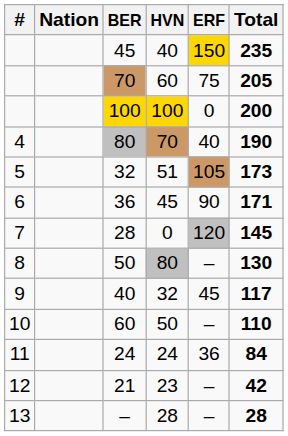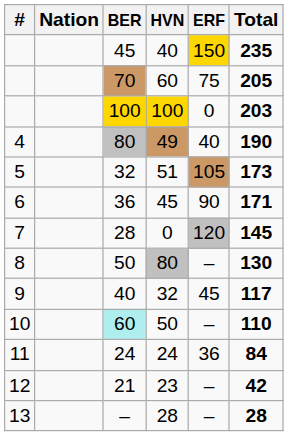 <table class="wikitable sortable" style="text-align:center;">
 <tr>
 <th>#</th>
 <th>Nation</th>
 <th><small>BER</small></th>
 <th><small>HVN</small></th>
 <th><small>ERF</small></th>
 <th>Total</th>
 </tr>
 <tr>
 <td></td>
 <td align=left></td>
 <td>45</td>
 <td>40</td>
 <td bgcolor="gold">150</td>
 <td><strong>235</strong></td>
 </tr>
 <tr>
 <td></td>
 <td align=left></td>
 <td bgcolor=CC9966>70</td>
 <td>60</td>
 <td>75</td>
 <td><strong>205</strong></td>
 </tr>
 <tr>
 <td></td>
 <td align=left></td>
 <td bgcolor="gold">100</td>
 <td bgcolor="gold">100</td>
 <td>0</td>
-<td><strong>200</strong></td>
+<td><strong>203</strong></td>
 </tr>
 <tr>
 <td>4</td>
 <td align=left></td>
 <td bgcolor="silver">80</td>
-<td bgcolor=CC9966>70</td>
+<td bgcolor=CC9966>49</td>
 <td>40</td>
 <td><strong>190</strong></td>
 </tr>
 <tr>
 <td>5</td>
 <td align=left></td>
 <td>32</td>
 <td>51</td>
 <td bgcolor=CC9966>105</td>
 <td><strong>173</strong></td>
 </tr>
 <tr>
 <td>6</td>
 <td align=left></td>
 <td>36</td>
 <td>45</td>
 <td>90</td>
 <td><strong>171</strong></td>
 </tr>
 <tr>
 <td>7</td>
 <td align=left></td>
 <td>28</td>
 <td>0</td>
 <td bgcolor="silver">120</td>
 <td><strong>145</strong></td>
 </tr>
 <tr>
 <td>8</td>
 <td align=left></td>
 <td>50</td>
 <td bgcolor="silver">80</td>
 <td>–</td>
 <td><strong>130</strong></td>
 </tr>
 <tr>
 <td>9</td>
 <td align=left></td>
 <td>40</td>
 <td>32</td>
 <td>45</td>
 <td><strong>117</strong></td>
 </tr>
 <tr>
 <td>10</td>
 <td align=left></td>
-<td>60</td>
+<td style="background: paleturquoise;">60</td>
 <td>50</td>
 <td>–</td>
 <td><strong>110</strong></td>
 </tr>
 <tr>
 <td>11</td>
 <td align=left></td>
 <td>24</td>
 <td>24</td>
 <td>36</td>
 <td><strong>84</strong></td>
 </tr>
 <tr>
 <td>12</td>
 <td align=left></td>
 <td>21</td>
 <td>23</td>
 <td>–</td>
 <td><strong>42</strong></td>
 </tr>
 <tr>
 <td>13</td>
 <td align=left></td>
 <td>–</td>
 <td>28</td>
 <td>–</td>
 <td><strong>28</strong></td>
 </tr>
 </table>
